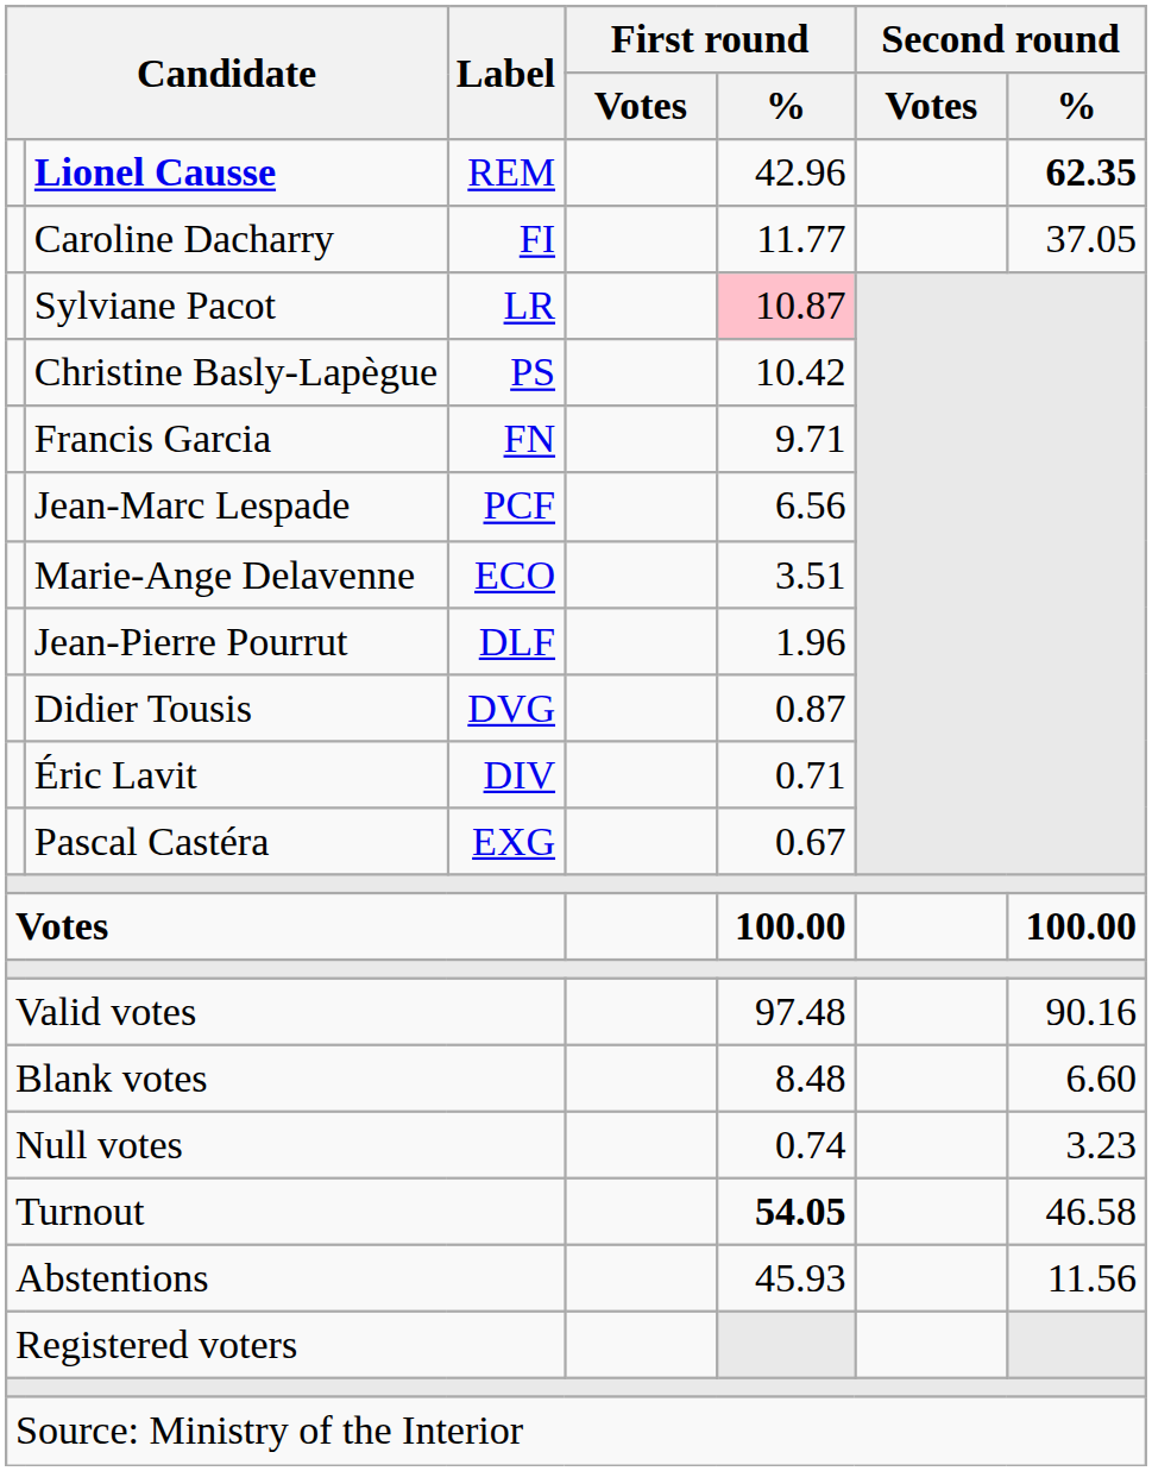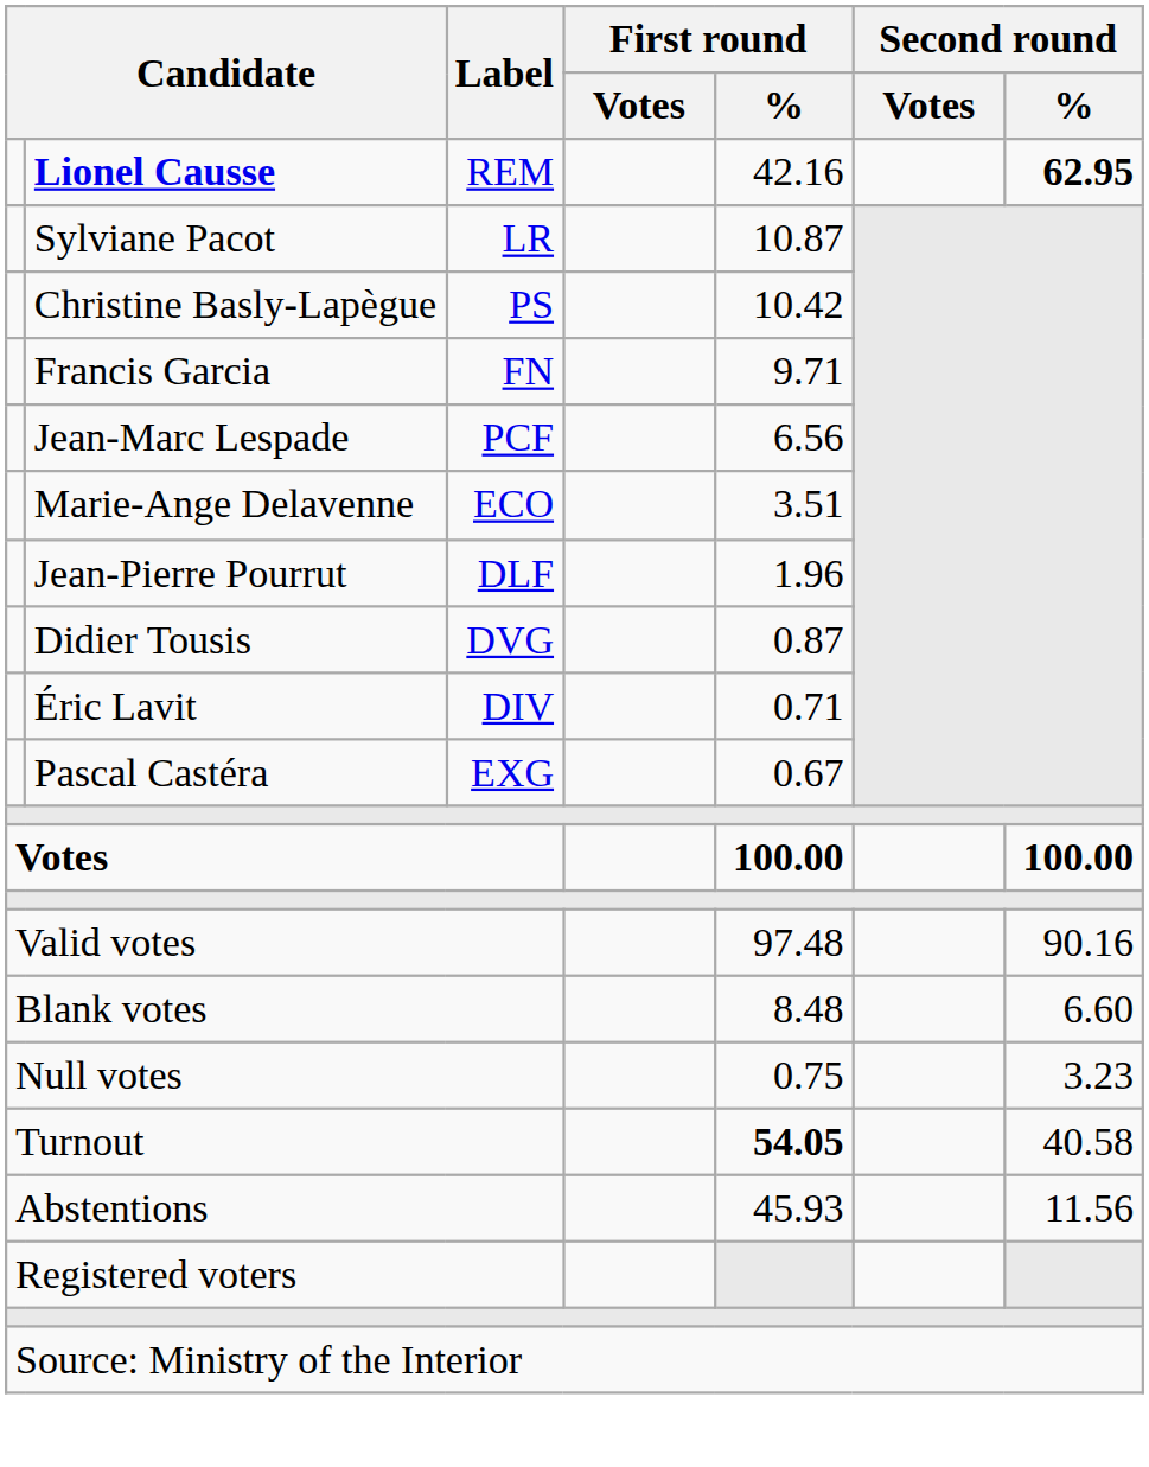 <table class="wikitable" style="text-align:right;font-size:95%;">
 <tr>
 <th rowspan="2" colspan="2">Candidate</th>
 <th rowspan="2">Label</th>
 <th colspan="2">First round</th>
 <th colspan="2">Second round</th>
 </tr>
 <tr>
 <th style="width:50px;">Votes</th>
 <th style="width:45px;">%</th>
 <th style="width:50px;">Votes</th>
 <th style="width:45px;">%</th>
 </tr>
 <tr>
 <td style="color:inherit;background:"></td>
 <td style="text-align:left;"><strong><a href='#'>Lionel Causse</a></strong></td>
 <td><a href='#'>REM</a></td>
 <td></td>
-<td>42.96</td>
+<td>42.16</td>
 <td><strong></strong></td>
-<td><strong>62.35</strong></td>
-</tr>
-<tr>
-<td style="color:inherit;background:"></td>
-<td style="text-align:left;">Caroline Dacharry</td>
-<td><a href='#'>FI</a></td>
-<td></td>
-<td>11.77</td>
-<td></td>
-<td>37.05</td>
+<td><strong>62.95</strong></td>
 </tr>
 <tr>
 <td style="color:inherit;background:"></td>
 <td style="text-align:left;">Sylviane Pacot</td>
 <td><a href='#'>LR</a></td>
 <td></td>
-<td style="background: pink;">10.87</td>
+<td>10.87</td>
 <td colspan="2" rowspan="9" style="background:#E9E9E9;"></td>
 </tr>
 <tr>
 <td style="color:inherit;background:"></td>
 <td style="text-align:left;">Christine Basly-Lapègue</td>
 <td><a href='#'>PS</a></td>
 <td></td>
 <td>10.42</td>
 </tr>
 <tr>
 <td style="color:inherit;background:"></td>
 <td style="text-align:left;">Francis Garcia</td>
 <td><a href='#'>FN</a></td>
 <td></td>
 <td>9.71</td>
 </tr>
 <tr>
 <td style="color:inherit;background:"></td>
 <td style="text-align:left;">Jean-Marc Lespade</td>
 <td><a href='#'>PCF</a></td>
 <td></td>
 <td>6.56</td>
 </tr>
 <tr>
 <td style="color:inherit;background:"></td>
 <td style="text-align:left;">Marie-Ange Delavenne</td>
 <td><a href='#'>ECO</a></td>
 <td></td>
 <td>3.51</td>
 </tr>
 <tr>
 <td style="color:inherit;background:"></td>
 <td style="text-align:left;">Jean-Pierre Pourrut</td>
 <td><a href='#'>DLF</a></td>
 <td></td>
 <td>1.96</td>
 </tr>
 <tr>
 <td style="color:inherit;background:"></td>
 <td style="text-align:left;">Didier Tousis</td>
 <td><a href='#'>DVG</a></td>
 <td></td>
 <td>0.87</td>
 </tr>
 <tr>
 <td style="color:inherit;background:"></td>
 <td style="text-align:left;">Éric Lavit</td>
 <td><a href='#'>DIV</a></td>
 <td></td>
 <td>0.71</td>
 </tr>
 <tr>
 <td style="color:inherit;background:"></td>
 <td style="text-align:left;">Pascal Castéra</td>
 <td><a href='#'>EXG</a></td>
 <td></td>
 <td>0.67</td>
 </tr>
 <tr>
 <td colspan="7" style="background:#E9E9E9;"></td>
 </tr>
 <tr style="font-weight:bold;">
 <td colspan="3" style="text-align:left;">Votes</td>
 <td></td>
 <td>100.00</td>
 <td></td>
 <td>100.00</td>
 </tr>
 <tr>
 <td colspan="7" style="background:#E9E9E9;"></td>
 </tr>
 <tr>
 <td colspan="3" style="text-align:left;">Valid votes</td>
 <td></td>
 <td>97.48</td>
 <td></td>
 <td>90.16</td>
 </tr>
 <tr>
 <td colspan="3" style="text-align:left;">Blank votes</td>
 <td></td>
 <td>8.48</td>
 <td></td>
 <td>6.60</td>
 </tr>
 <tr>
 <td colspan="3" style="text-align:left;">Null votes</td>
 <td></td>
-<td>0.74</td>
+<td>0.75</td>
 <td></td>
 <td>3.23</td>
 </tr>
 <tr>
 <td colspan="3" style="text-align:left;">Turnout</td>
 <td></td>
 <td><strong>54.05</strong></td>
 <td></td>
-<td>46.58</td>
+<td>40.58</td>
 </tr>
 <tr>
 <td colspan="3" style="text-align:left;">Abstentions</td>
 <td></td>
 <td>45.93</td>
 <td></td>
 <td>11.56</td>
 </tr>
 <tr>
 <td colspan="3" style="text-align:left;">Registered voters</td>
 <td></td>
 <td style="color:inherit;background:#E9E9E9;"></td>
 <td></td>
 <td style="color:inherit;background:#E9E9E9;"></td>
 </tr>
 <tr>
 <td colspan="7" style="background:#E9E9E9;"></td>
 </tr>
 <tr>
 <td colspan="7" style="text-align:left;">Source: Ministry of the Interior</td>
 </tr>
 </table>
